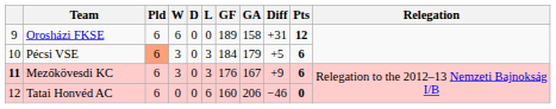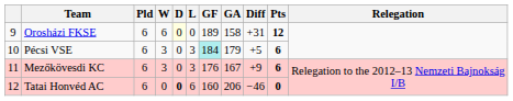 <table class="wikitable sortable" style="text-align:center">
 <tr>
 <th></th>
 <th width="150">Team</th>
 <th>Pld</th>
 <th>W</th>
 <th>D</th>
 <th>L</th>
 <th>GF</th>
 <th>GA</th>
 <th>Diff</th>
 <th>Pts</th>
 <th width="300">Relegation</th>
 </tr>
 <tr>
 <td>9</td>
 <td align=left><a href='#'>Orosházi FKSE</a></td>
 <td>6</td>
 <td>6</td>
-<td>0</td>
+<td style="background: lightyellow;">0</td>
 <td>0</td>
 <td>189</td>
 <td>158</td>
 <td>+31</td>
 <td><strong>12</strong></td>
 </tr>
 <tr>
 <td>10</td>
 <td align=left>Pécsi VSE</td>
-<td style="background: lightsalmon;">6</td>
+<td>6</td>
 <td>3</td>
 <td>0</td>
 <td>3</td>
-<td>184</td>
+<td style="background: paleturquoise;">184</td>
 <td>179</td>
 <td>+5</td>
 <td><strong>6</strong></td>
 </tr>
 <tr style="background: #FFCCCC;">
-<td><strong>11</strong></td>
+<td>11</td>
 <td align=left>Mezőkövesdi KC</td>
 <td>6</td>
 <td>3</td>
 <td>0</td>
 <td>3</td>
 <td>176</td>
 <td>167</td>
 <td>+9</td>
 <td><strong>6</strong></td>
 <td rowspan="2">Relegation to the 2012–13 <a href='#'>Nemzeti Bajnokság I/B</a></td>
 </tr>
 <tr style="background: #FFCCCC;">
 <td>12</td>
 <td align=left>Tatai Honvéd AC</td>
 <td>6</td>
 <td>0</td>
-<td>0</td>
+<td><strong>0</strong></td>
 <td>6</td>
 <td>160</td>
 <td>206</td>
 <td>−46</td>
 <td><strong>0</strong></td>
 </tr>
 </table>
